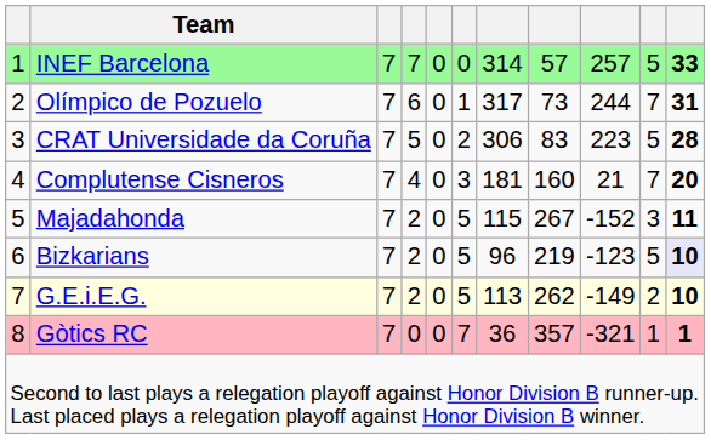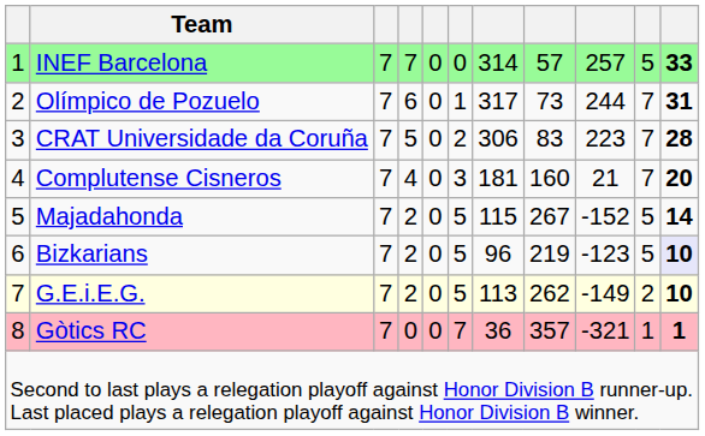 <table class="wikitable" style="text-align:center;">
 <tr>
 <th></th>
 <th>Team</th>
 <th></th>
 <th></th>
 <th></th>
 <th></th>
 <th></th>
 <th></th>
 <th></th>
 <th></th>
 <th></th>
 </tr>
 <tr bgcolor=palegreen>
 <td>1</td>
 <td align="left"><a href='#'>INEF Barcelona</a></td>
 <td>7</td>
 <td>7</td>
 <td>0</td>
 <td>0</td>
 <td>314</td>
 <td>57</td>
 <td>257</td>
 <td>5</td>
 <td><strong>33</strong></td>
 </tr>
 <tr>
 <td>2</td>
 <td align="left"><a href='#'>Olímpico de Pozuelo</a></td>
 <td>7</td>
 <td>6</td>
 <td>0</td>
 <td>1</td>
 <td>317</td>
 <td>73</td>
 <td>244</td>
 <td>7</td>
 <td><strong>31</strong></td>
 </tr>
 <tr>
 <td>3</td>
 <td align="left"><a href='#'>CRAT Universidade da Coruña</a></td>
 <td>7</td>
 <td>5</td>
 <td>0</td>
 <td>2</td>
 <td>306</td>
 <td>83</td>
 <td>223</td>
-<td>5</td>
+<td>7</td>
 <td><strong>28</strong></td>
 </tr>
 <tr>
 <td>4</td>
 <td align="left"><a href='#'>Complutense Cisneros</a></td>
 <td>7</td>
 <td>4</td>
 <td>0</td>
 <td>3</td>
 <td>181</td>
 <td>160</td>
 <td>21</td>
 <td>7</td>
 <td><strong>20</strong></td>
 </tr>
 <tr>
 <td>5</td>
 <td align="left"><a href='#'>Majadahonda</a></td>
 <td>7</td>
 <td>2</td>
 <td>0</td>
 <td>5</td>
 <td>115</td>
 <td>267</td>
 <td>-152</td>
-<td>3</td>
-<td><strong>11</strong></td>
+<td>5</td>
+<td><strong>14</strong></td>
 </tr>
 <tr>
 <td>6</td>
 <td align="left"><a href='#'>Bizkarians</a></td>
 <td>7</td>
 <td>2</td>
 <td>0</td>
 <td>5</td>
 <td>96</td>
 <td>219</td>
 <td>-123</td>
 <td>5</td>
 <td style="background: lavender;"><strong>10</strong></td>
 </tr>
 <tr bgcolor=lightyellow>
 <td>7</td>
 <td align="left"><a href='#'>G.E.i.E.G.</a></td>
 <td>7</td>
 <td>2</td>
 <td>0</td>
 <td>5</td>
 <td>113</td>
 <td>262</td>
 <td>-149</td>
 <td>2</td>
 <td><strong>10</strong></td>
 </tr>
 <tr bgcolor=lightpink>
 <td>8</td>
 <td align="left"><a href='#'>Gòtics RC</a></td>
 <td>7</td>
 <td>0</td>
 <td>0</td>
 <td>7</td>
 <td>36</td>
 <td>357</td>
 <td>-321</td>
 <td>1</td>
 <td><strong>1</strong></td>
 </tr>
 <tr | style="text-align:left;" |>
 <td colspan="11" style="border:0px; font-size:smaller"><br><span>Second to last</span> plays a relegation playoff against <a href='#'>Honor Division B</a> runner-up. <br> <span>Last placed</span> plays a relegation playoff against <a href='#'>Honor Division B</a> winner.</td>
 </tr>
 </table>
